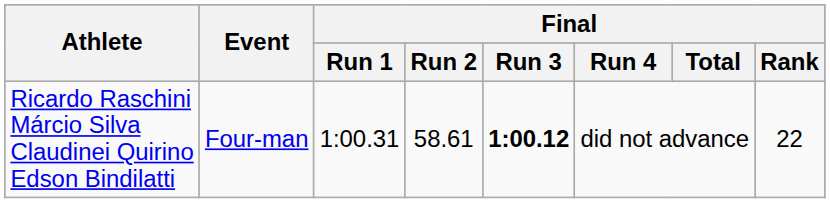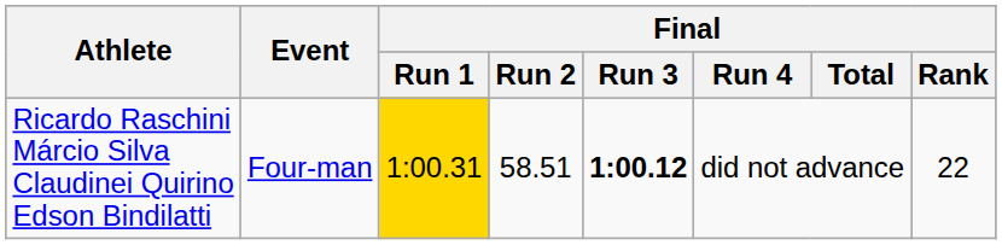 <table class="wikitable" style="font-size:90%">
 <tr>
 <th rowspan="2">Athlete</th>
 <th rowspan="2">Event</th>
 <th colspan="6">Final</th>
 </tr>
 <tr>
 <th>Run 1</th>
 <th>Run 2</th>
 <th>Run 3</th>
 <th>Run 4</th>
 <th>Total</th>
 <th>Rank</th>
 </tr>
 <tr>
 <td><a href='#'>Ricardo Raschini</a><br><a href='#'>Márcio Silva</a><br><a href='#'>Claudinei Quirino</a><br><a href='#'>Edson Bindilatti</a></td>
 <td><a href='#'>Four-man</a></td>
-<td align="center">1:00.31</td>
-<td align="center">58.61</td>
+<td align="center" style="background: gold;">1:00.31</td>
+<td align="center">58.51</td>
 <td align="center"><strong>1:00.12</strong></td>
 <td colspan=2 align="center">did not advance</td>
 <td align="center">22</td>
 </tr>
 </table>
